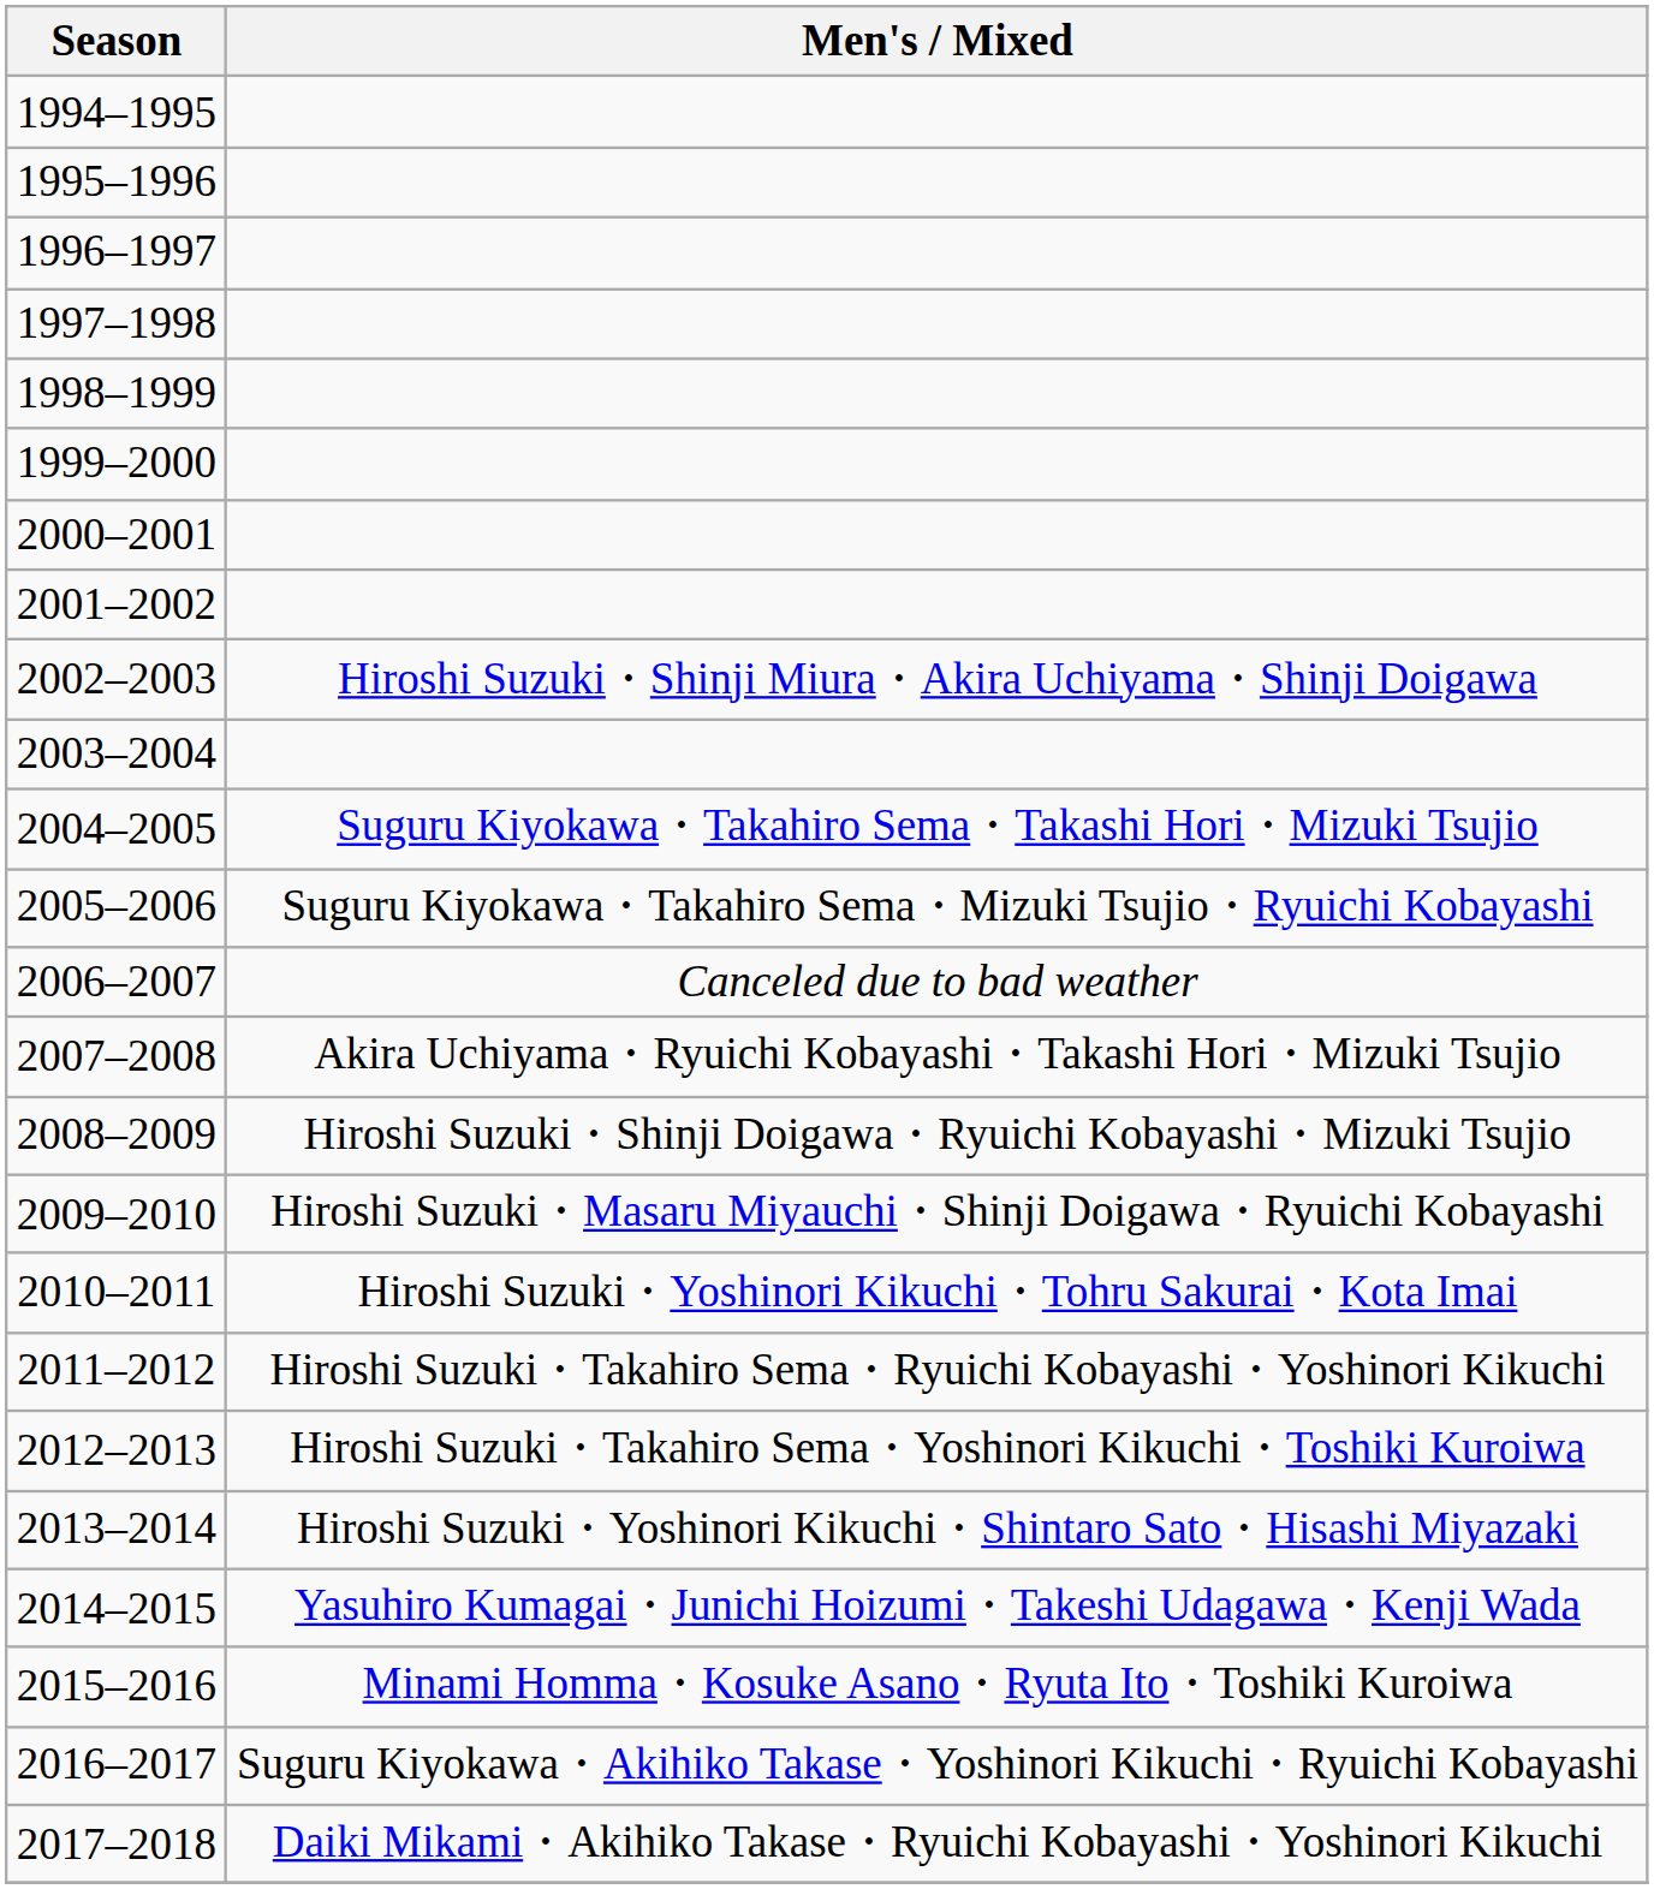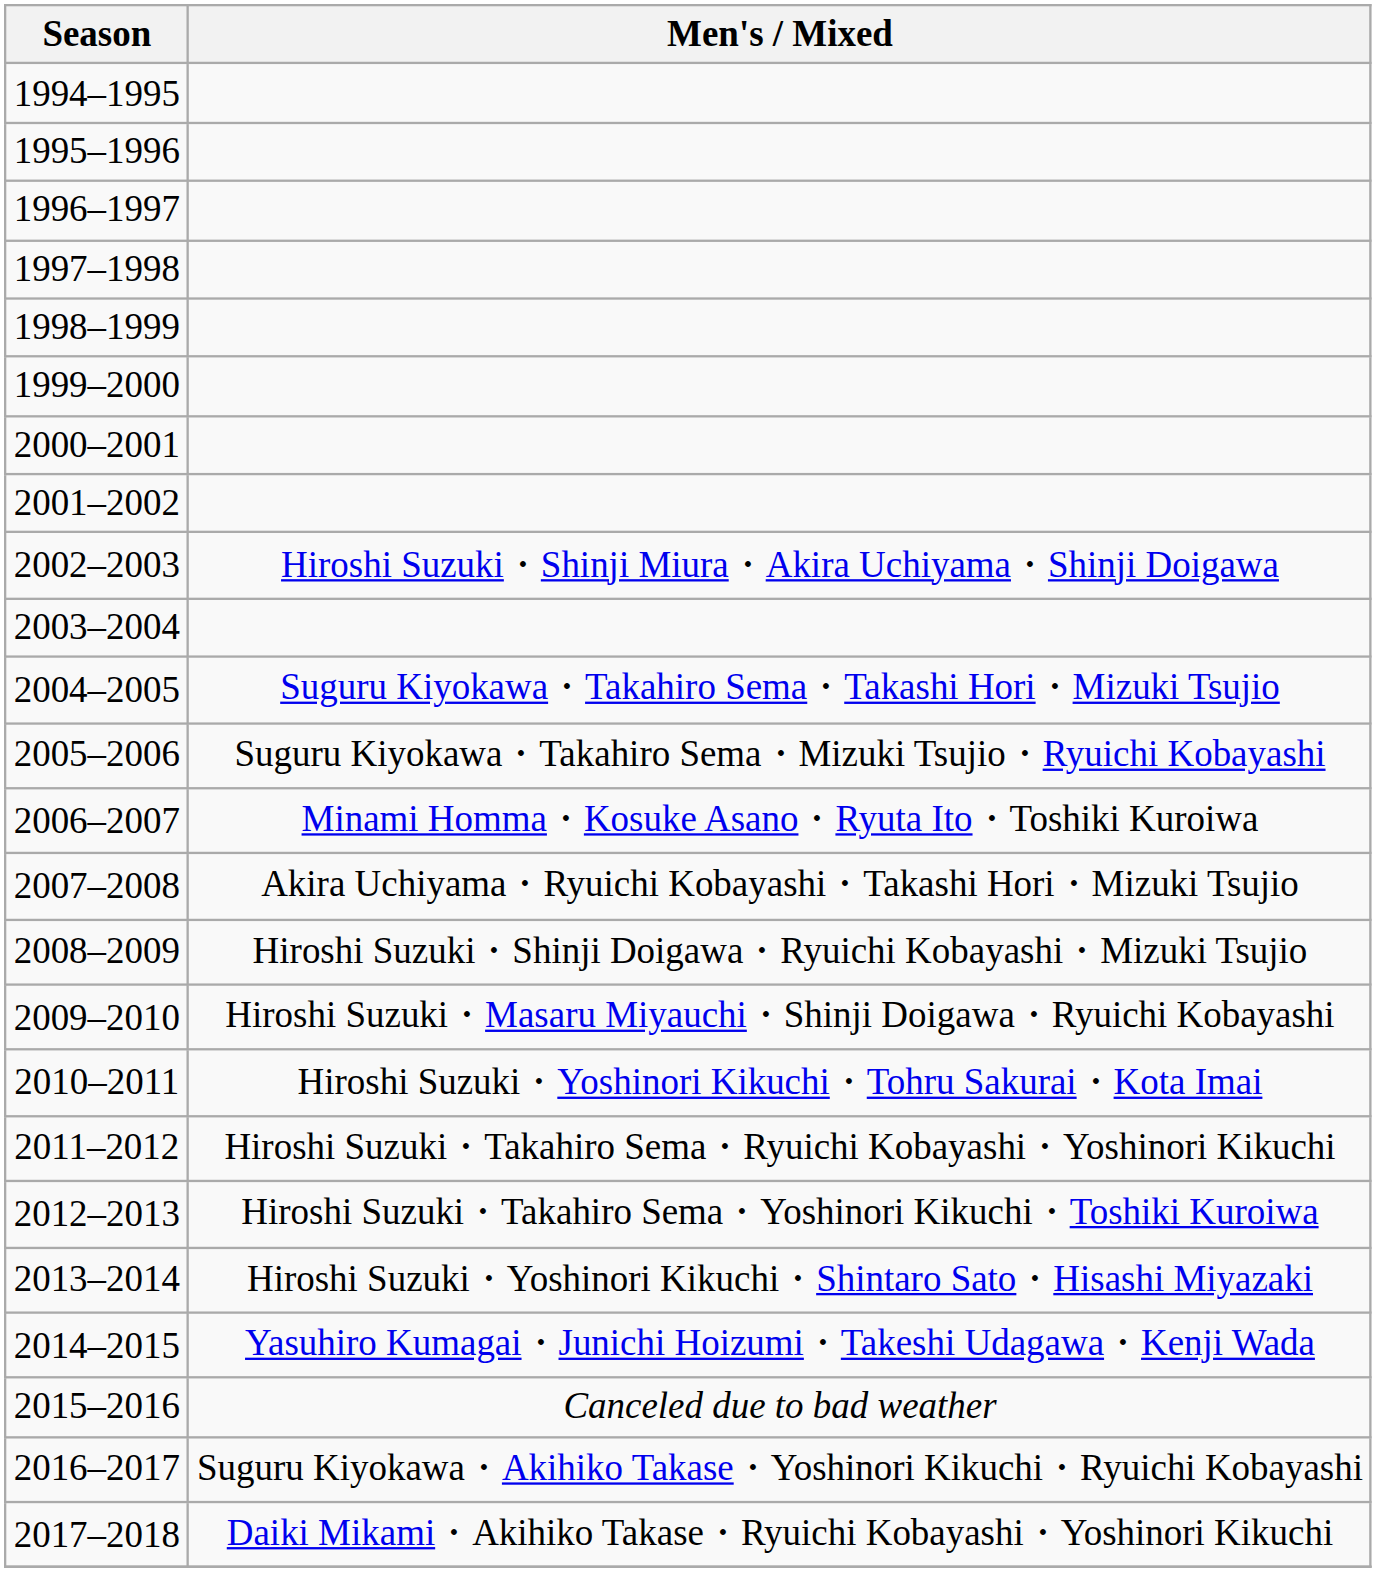 <table class=wikitable style=text-align:center>
 <tr>
 <th>Season</th>
 <th>Men's / Mixed</th>
 </tr>
 <tr>
 <td>1994–1995</td>
 <td></td>
 </tr>
 <tr>
 <td>1995–1996</td>
 <td></td>
 </tr>
 <tr>
 <td>1996–1997</td>
 <td></td>
 </tr>
 <tr>
 <td>1997–1998</td>
 <td></td>
 </tr>
 <tr>
 <td>1998–1999</td>
 <td></td>
 </tr>
 <tr>
 <td>1999–2000</td>
 <td></td>
 </tr>
 <tr>
 <td>2000–2001</td>
 <td></td>
 </tr>
 <tr>
 <td>2001–2002</td>
 <td></td>
 </tr>
 <tr>
 <td>2002–2003</td>
 <td><a href='#'>Hiroshi Suzuki</a>・<a href='#'>Shinji Miura</a>・<a href='#'>Akira Uchiyama</a>・<a href='#'>Shinji Doigawa</a></td>
 </tr>
 <tr>
 <td>2003–2004</td>
 <td></td>
 </tr>
 <tr>
 <td>2004–2005</td>
 <td><a href='#'>Suguru Kiyokawa</a>・<a href='#'>Takahiro Sema</a>・<a href='#'>Takashi Hori</a>・<a href='#'>Mizuki Tsujio</a></td>
 </tr>
 <tr>
 <td>2005–2006</td>
 <td>Suguru Kiyokawa・Takahiro Sema・Mizuki Tsujio・<a href='#'>Ryuichi Kobayashi</a></td>
 </tr>
 <tr>
 <td>2006–2007</td>
-<td><em>Canceled due to bad weather</em></td>
+<td><a href='#'>Minami Homma</a>・<a href='#'>Kosuke Asano</a>・<a href='#'>Ryuta Ito</a>・Toshiki Kuroiwa</td>
 </tr>
 <tr>
 <td>2007–2008</td>
 <td>Akira Uchiyama・Ryuichi Kobayashi・Takashi Hori・Mizuki Tsujio</td>
 </tr>
 <tr>
 <td>2008–2009</td>
 <td>Hiroshi Suzuki・Shinji Doigawa・Ryuichi Kobayashi・Mizuki Tsujio</td>
 </tr>
 <tr>
 <td>2009–2010</td>
 <td>Hiroshi Suzuki・<a href='#'>Masaru Miyauchi</a>・Shinji Doigawa・Ryuichi Kobayashi</td>
 </tr>
 <tr>
 <td>2010–2011</td>
 <td>Hiroshi Suzuki・<a href='#'>Yoshinori Kikuchi</a>・<a href='#'>Tohru Sakurai</a>・<a href='#'>Kota Imai</a></td>
 </tr>
 <tr>
 <td>2011–2012</td>
 <td>Hiroshi Suzuki・Takahiro Sema・Ryuichi Kobayashi・Yoshinori Kikuchi</td>
 </tr>
 <tr>
 <td>2012–2013</td>
 <td>Hiroshi Suzuki・Takahiro Sema・Yoshinori Kikuchi・<a href='#'>Toshiki Kuroiwa</a></td>
 </tr>
 <tr>
 <td>2013–2014</td>
 <td>Hiroshi Suzuki・Yoshinori Kikuchi・<a href='#'>Shintaro Sato</a>・<a href='#'>Hisashi Miyazaki</a></td>
 </tr>
 <tr>
 <td>2014–2015</td>
 <td><a href='#'>Yasuhiro Kumagai</a>・<a href='#'>Junichi Hoizumi</a>・<a href='#'>Takeshi Udagawa</a>・<a href='#'>Kenji Wada</a></td>
 </tr>
 <tr>
 <td>2015–2016</td>
-<td><a href='#'>Minami Homma</a>・<a href='#'>Kosuke Asano</a>・<a href='#'>Ryuta Ito</a>・Toshiki Kuroiwa</td>
+<td><em>Canceled due to bad weather</em></td>
 </tr>
 <tr>
 <td>2016–2017</td>
 <td>Suguru Kiyokawa・<a href='#'>Akihiko Takase</a>・Yoshinori Kikuchi・Ryuichi Kobayashi</td>
 </tr>
 <tr>
 <td>2017–2018</td>
 <td><a href='#'>Daiki Mikami</a>・Akihiko Takase・Ryuichi Kobayashi・Yoshinori Kikuchi</td>
 </tr>
 <tr>
 </tr>
 </table>
